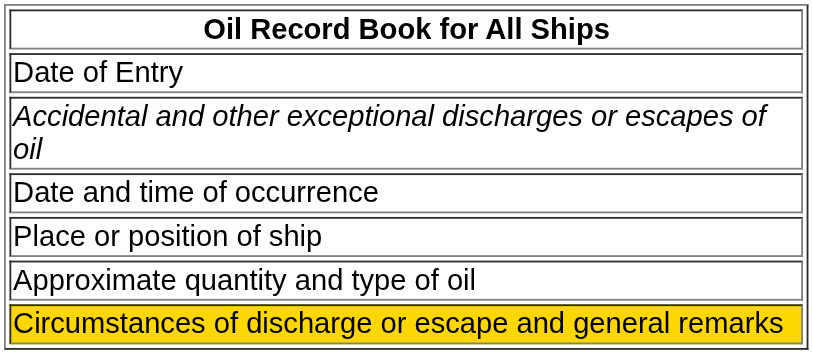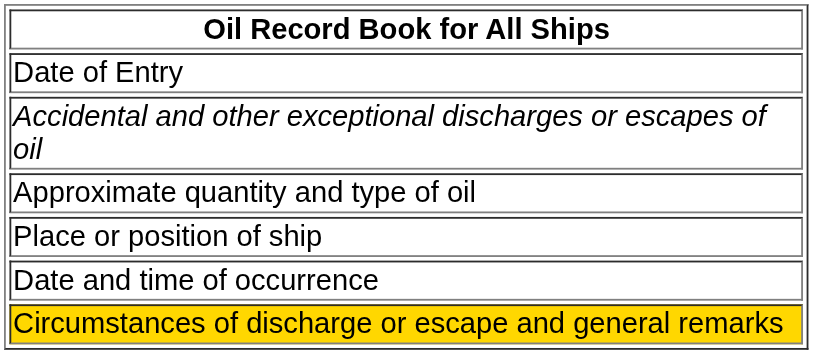 <table border="1" width="35%">
 <tr>
 <th align="center">Oil Record Book for All Ships</th>
 </tr>
 <tr>
 <td>Date of Entry</td>
 </tr>
 <tr>
 <td><em>Accidental and other exceptional discharges or escapes of oil</em></td>
 </tr>
 <tr>
-<td>Date and time of occurrence</td>
+<td>Approximate quantity and type of oil</td>
 </tr>
 <tr>
 <td>Place or position of ship</td>
 </tr>
 <tr>
-<td>Approximate quantity and type of oil</td>
+<td>Date and time of occurrence</td>
 </tr>
 <tr>
 <td style="background: gold;">Circumstances of discharge or escape and general remarks</td>
 </tr>
 </table>
